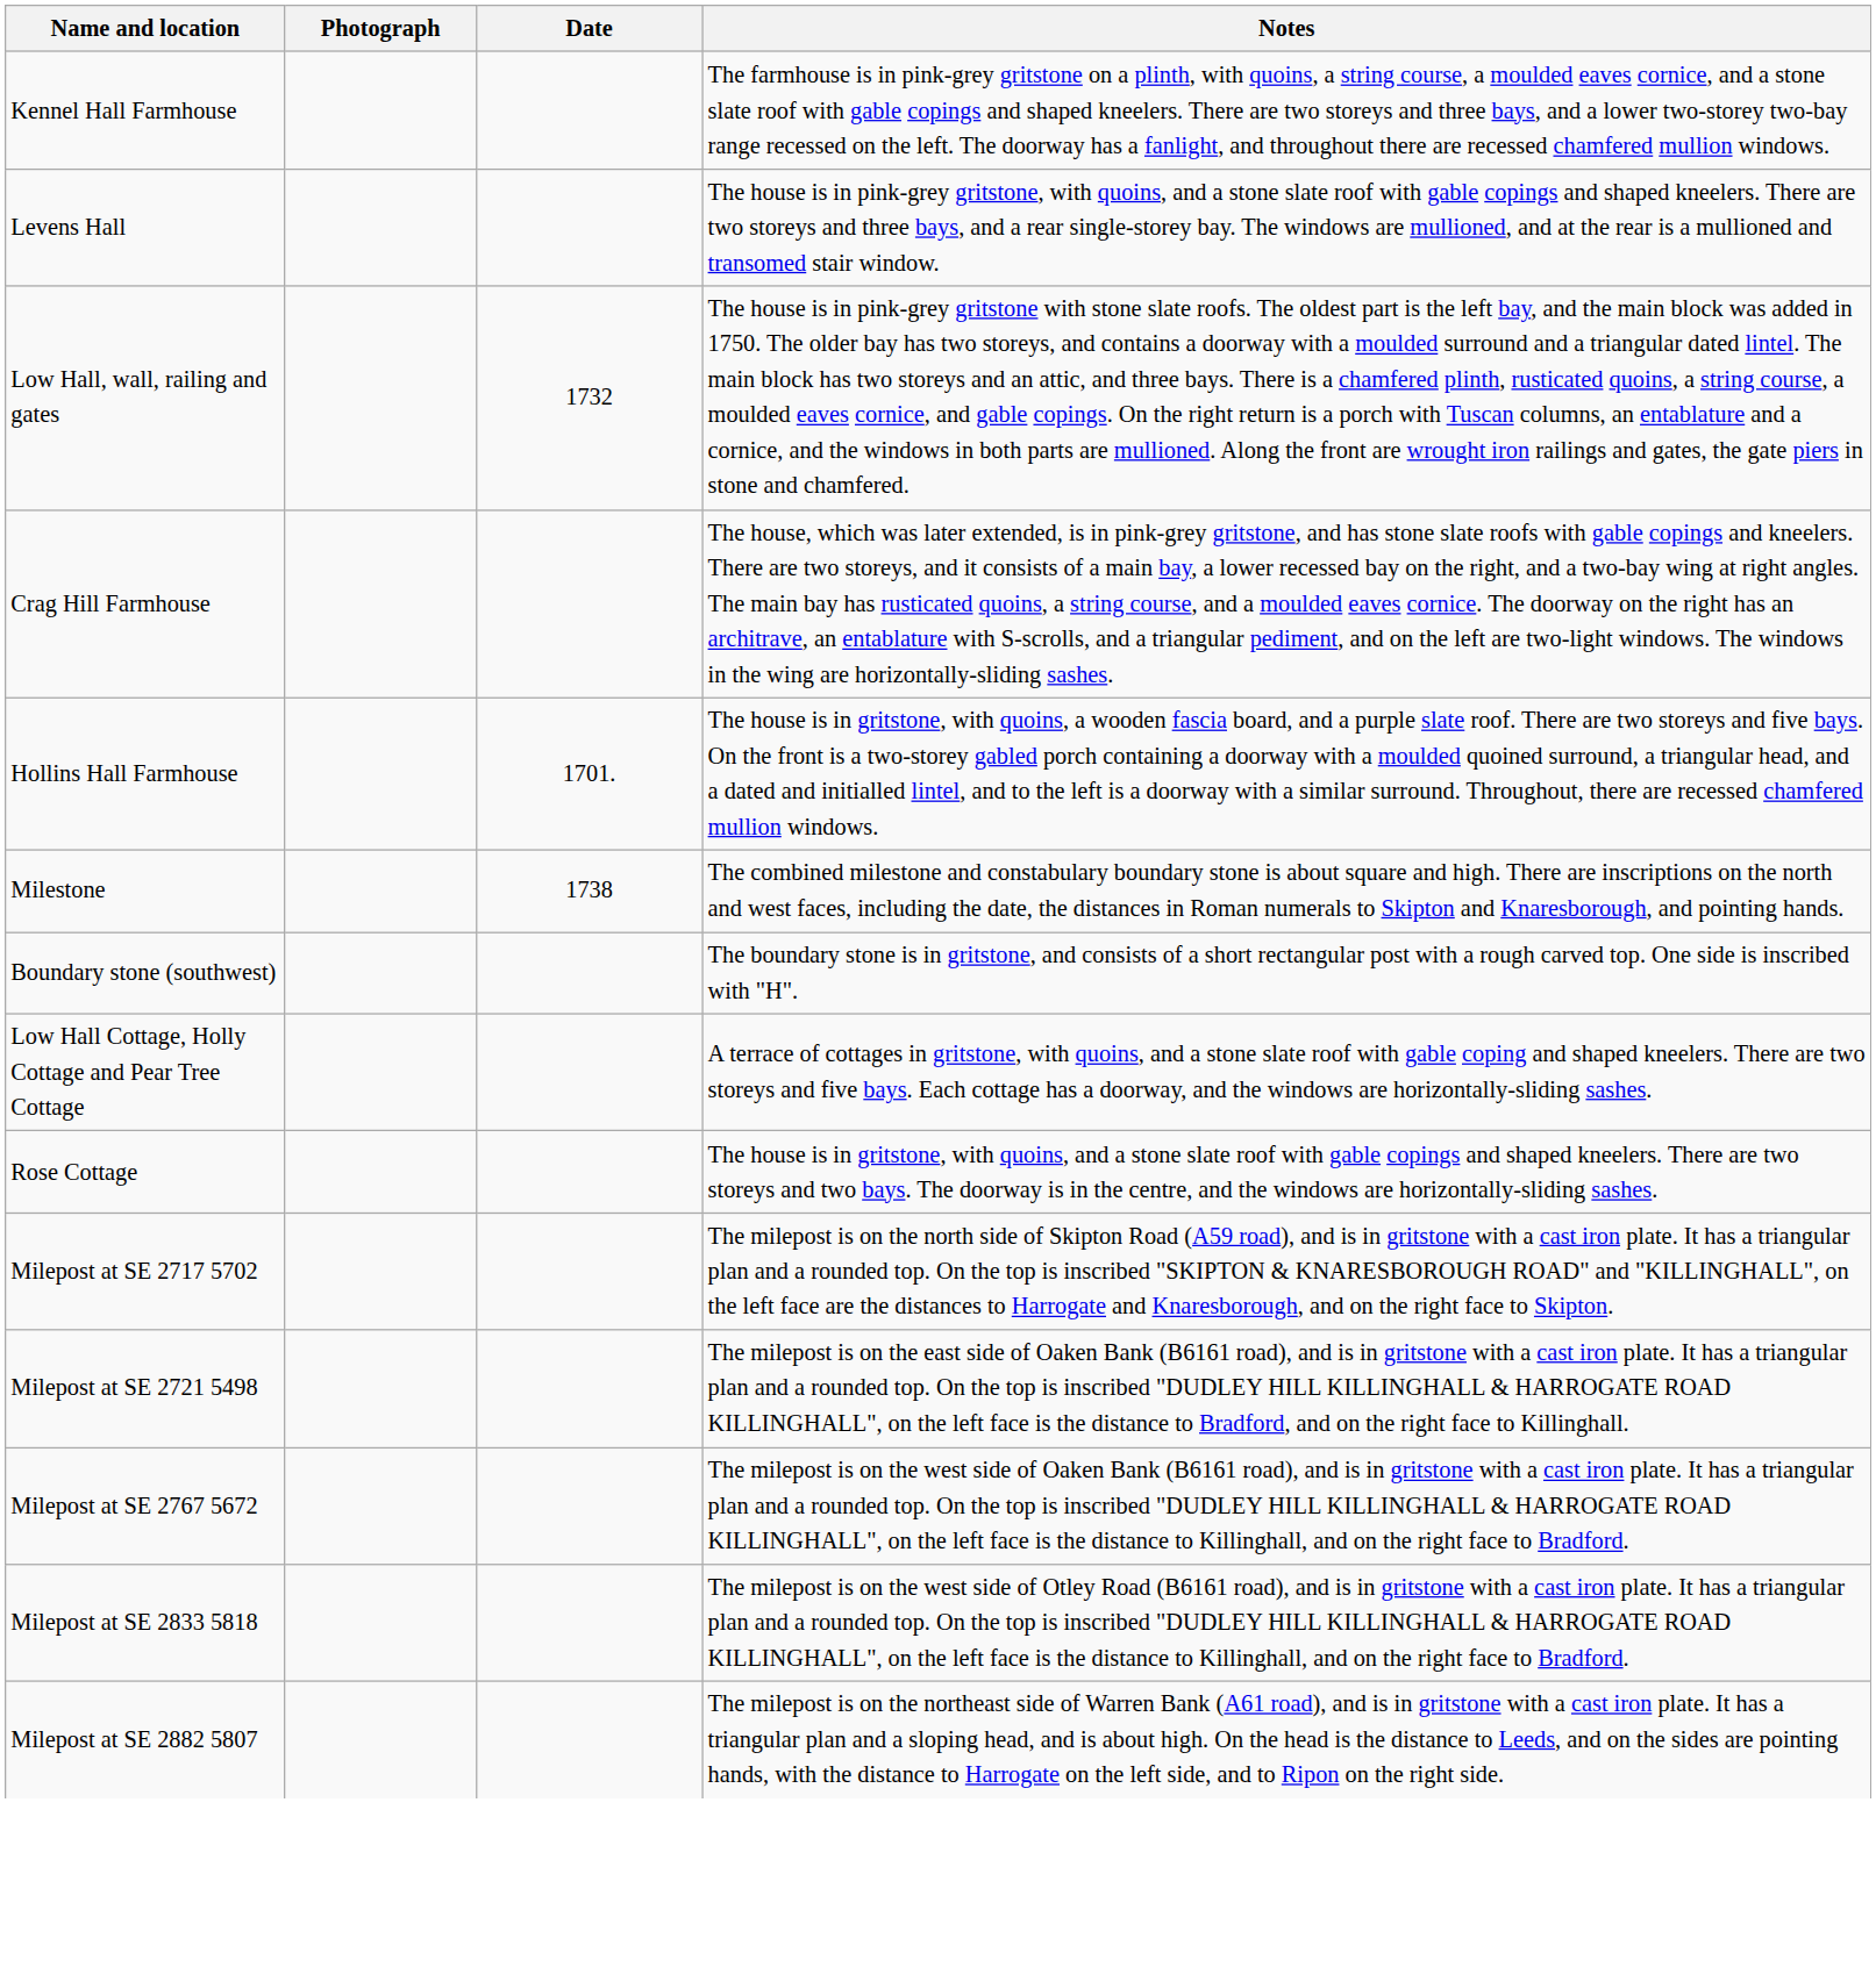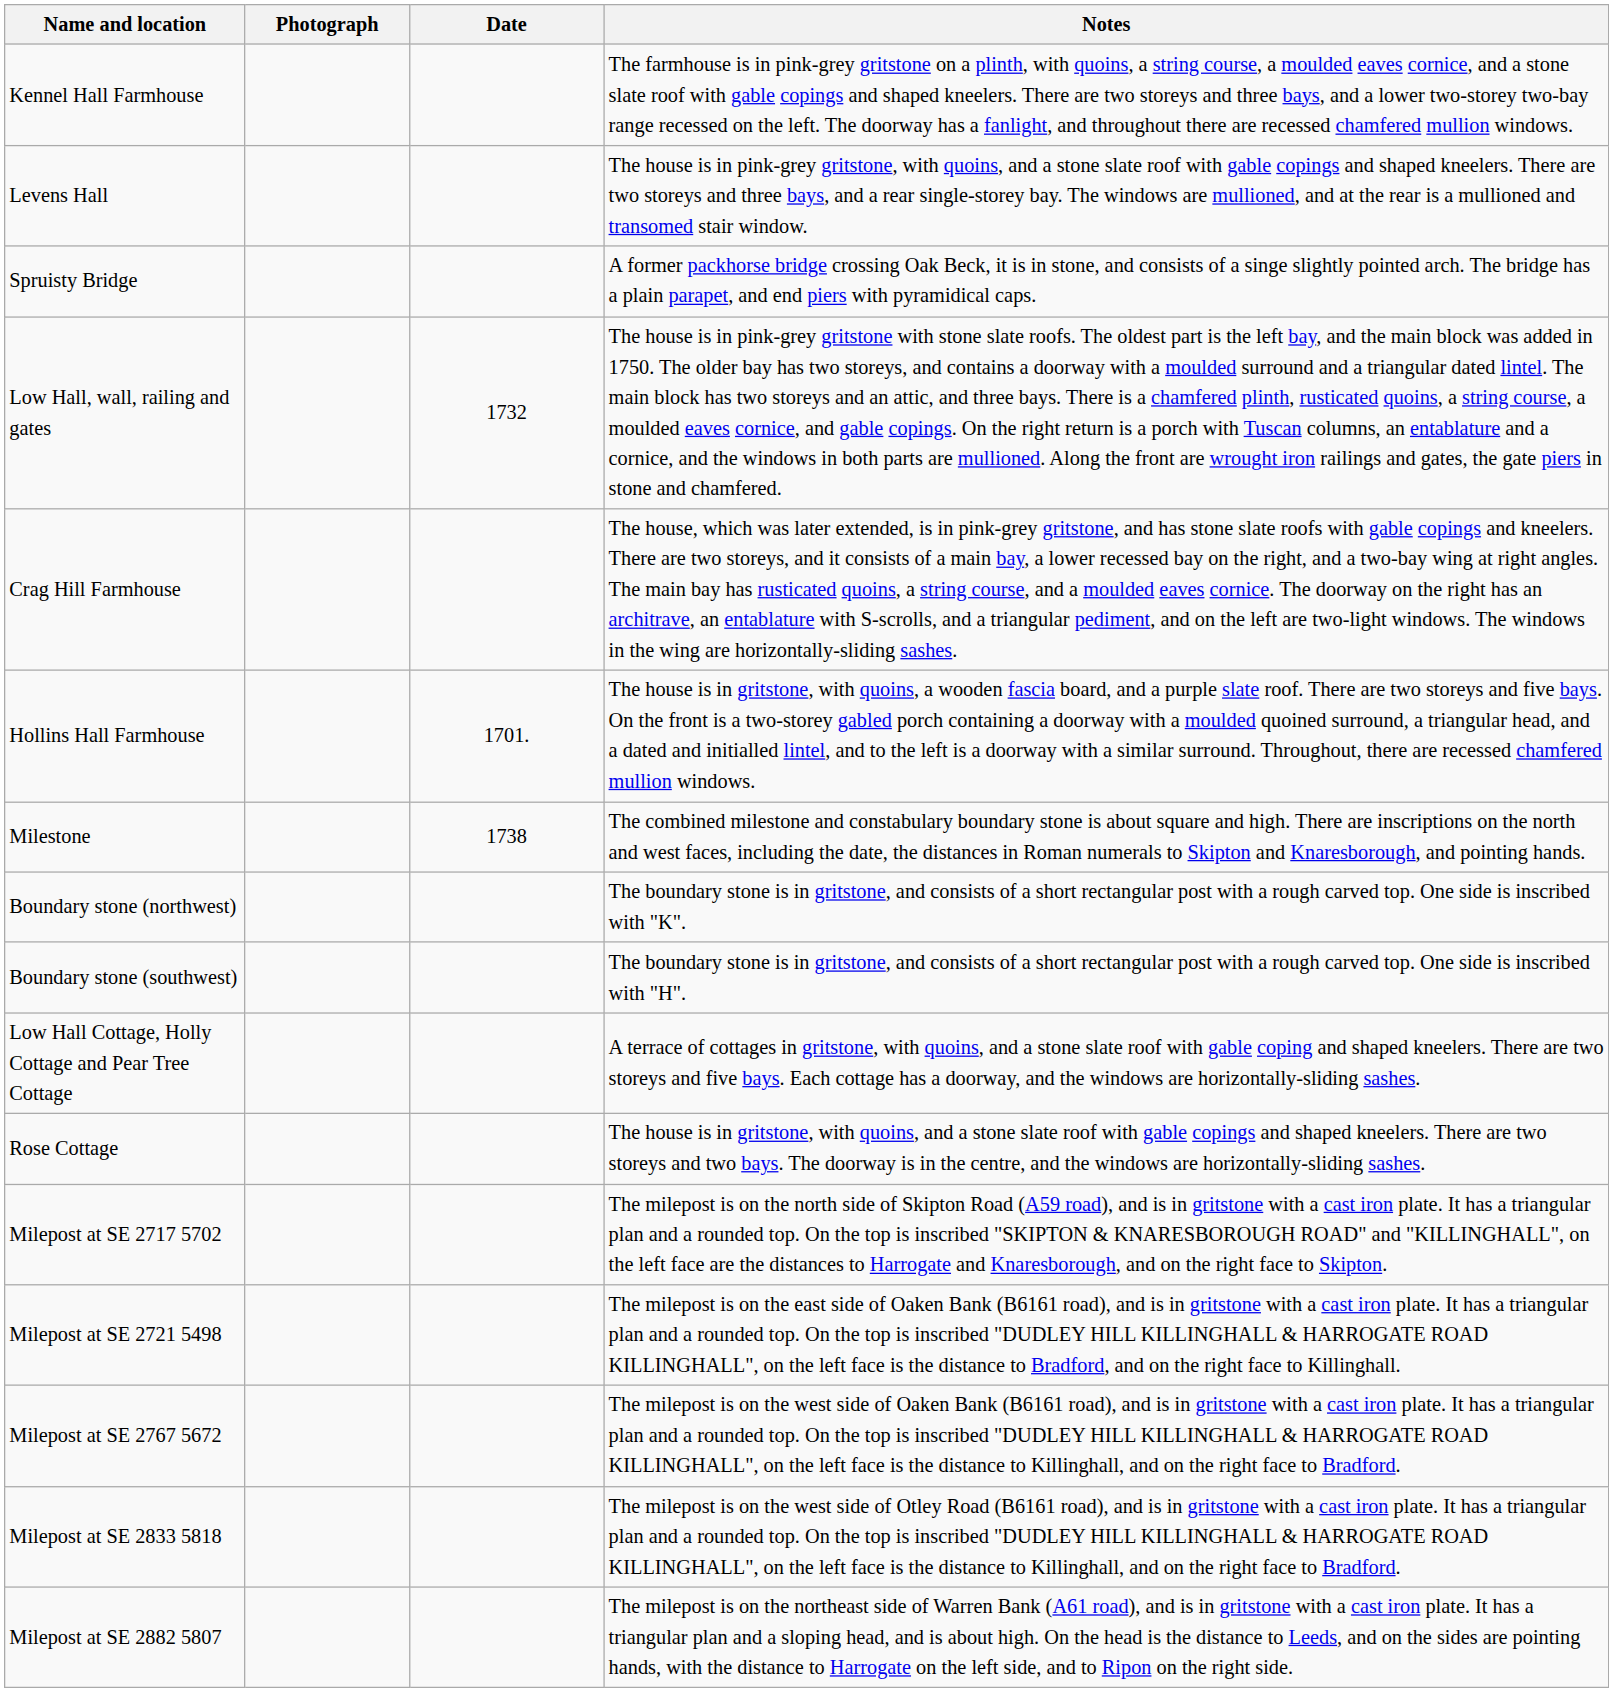 <table class="wikitable sortable plainrowheaders" style="width:100%;border:0px;text-align:left;line-height:150%;">
 <tr>
 <th scope="col"  style="width:150px">Name and location</th>
 <th scope="col"  style="width:100px" class="unsortable">Photograph</th>
 <th scope="col"  style="width:120px">Date</th>
 <th scope="col"  style="width:650px" class="unsortable">Notes</th>
 </tr>
 <tr>
 <td>Kennel Hall Farmhouse<br><small></small></td>
 <td></td>
 <td align="center"></td>
 <td>The farmhouse is in pink-grey <a href='#'>gritstone</a> on a <a href='#'>plinth</a>, with <a href='#'>quoins</a>, a <a href='#'>string course</a>, a <a href='#'>moulded</a> <a href='#'>eaves</a> <a href='#'>cornice</a>, and a stone slate roof with <a href='#'>gable</a> <a href='#'>copings</a> and shaped kneelers. There are two storeys and three <a href='#'>bays</a>, and a lower two-storey two-bay range recessed on the left. The doorway has a <a href='#'>fanlight</a>, and throughout there are recessed <a href='#'>chamfered</a> <a href='#'>mullion</a> windows.</td>
 </tr>
 <tr>
 <td>Levens Hall<br><small></small></td>
 <td></td>
 <td align="center"></td>
 <td>The house is in pink-grey <a href='#'>gritstone</a>, with <a href='#'>quoins</a>, and a stone slate roof with <a href='#'>gable</a> <a href='#'>copings</a> and shaped kneelers. There are two storeys and three <a href='#'>bays</a>, and a rear single-storey bay. The windows are <a href='#'>mullioned</a>, and at the rear is a mullioned and <a href='#'>transomed</a> stair window.</td>
+</tr>
+<tr>
+<td>Spruisty Bridge<br><small></small></td>
+<td></td>
+<td align="center"></td>
+<td>A former <a href='#'>packhorse bridge</a> crossing Oak Beck, it is in stone, and consists of a singe slightly pointed arch. The bridge has a plain <a href='#'>parapet</a>, and end <a href='#'>piers</a> with pyramidical caps.</td>
 </tr>
 <tr>
 <td>Low Hall, wall, railing and gates<br><small></small></td>
 <td></td>
 <td align="center">1732</td>
 <td>The house is in pink-grey <a href='#'>gritstone</a> with stone slate roofs. The oldest part is the left <a href='#'>bay</a>, and the main block was added in 1750. The older bay has two storeys, and contains a doorway with a <a href='#'>moulded</a> surround and a triangular dated <a href='#'>lintel</a>. The main block has two storeys and an attic, and three bays. There is a <a href='#'>chamfered</a> <a href='#'>plinth</a>, <a href='#'>rusticated</a> <a href='#'>quoins</a>, a <a href='#'>string course</a>, a moulded <a href='#'>eaves</a> <a href='#'>cornice</a>, and <a href='#'>gable</a> <a href='#'>copings</a>.  On the right return is a porch with <a href='#'>Tuscan</a> columns, an <a href='#'>entablature</a> and a cornice, and the windows in both parts are <a href='#'>mullioned</a>. Along the front are <a href='#'>wrought iron</a> railings and gates, the gate <a href='#'>piers</a> in stone and chamfered.</td>
 </tr>
 <tr>
 <td>Crag Hill Farmhouse<br><small></small></td>
 <td></td>
 <td align="center"></td>
 <td>The house, which was later extended, is in pink-grey <a href='#'>gritstone</a>, and has stone slate roofs with <a href='#'>gable</a> <a href='#'>copings</a> and kneelers. There are two storeys, and it consists of a main <a href='#'>bay</a>, a lower recessed bay on the right, and a two-bay wing at right angles. The main bay has <a href='#'>rusticated</a> <a href='#'>quoins</a>, a <a href='#'>string course</a>, and a <a href='#'>moulded</a> <a href='#'>eaves</a> <a href='#'>cornice</a>. The doorway on the right has an <a href='#'>architrave</a>, an <a href='#'>entablature</a> with S-scrolls, and a triangular <a href='#'>pediment</a>, and on the left are two-light windows. The windows in the wing are horizontally-sliding <a href='#'>sashes</a>.</td>
 </tr>
 <tr>
 <td>Hollins Hall Farmhouse<br><small></small></td>
 <td></td>
 <td align="center">1701.</td>
 <td>The house is in <a href='#'>gritstone</a>, with <a href='#'>quoins</a>, a wooden <a href='#'>fascia</a> board, and a purple <a href='#'>slate</a> roof. There are two storeys and five <a href='#'>bays</a>.  On the front is a two-storey <a href='#'>gabled</a> porch containing a doorway with a <a href='#'>moulded</a> quoined surround, a triangular head, and a dated and initialled <a href='#'>lintel</a>, and to the left is a doorway with a similar surround. Throughout, there are recessed <a href='#'>chamfered</a> <a href='#'>mullion</a> windows.</td>
 </tr>
 <tr>
 <td>Milestone<br><small></small></td>
 <td></td>
 <td align="center">1738</td>
 <td>The combined milestone and constabulary boundary stone is about  square and  high. There are inscriptions on the north and west faces, including the date, the distances in Roman numerals to <a href='#'>Skipton</a> and <a href='#'>Knaresborough</a>, and pointing hands.</td>
+</tr>
+<tr>
+<td>Boundary stone (northwest)<br><small></small></td>
+<td></td>
+<td align="center"></td>
+<td>The boundary stone is in <a href='#'>gritstone</a>, and consists of a short rectangular post with a rough carved top. One side is inscribed with "K".</td>
 </tr>
 <tr>
 <td>Boundary stone (southwest)<br><small></small></td>
 <td></td>
 <td align="center"></td>
 <td>The boundary stone is in <a href='#'>gritstone</a>, and consists of a short rectangular post with a rough carved top. One side is inscribed with "H".</td>
 </tr>
 <tr>
 <td>Low Hall Cottage, Holly Cottage and Pear Tree Cottage<br><small></small></td>
 <td></td>
 <td align="center"></td>
 <td>A terrace of cottages in <a href='#'>gritstone</a>, with <a href='#'>quoins</a>, and a stone slate roof with <a href='#'>gable</a> <a href='#'>coping</a> and shaped kneelers. There are two storeys and five <a href='#'>bays</a>. Each cottage has a doorway, and the windows are horizontally-sliding <a href='#'>sashes</a>.</td>
 </tr>
 <tr>
 <td>Rose Cottage<br><small></small></td>
 <td></td>
 <td align="center"></td>
 <td>The house is in <a href='#'>gritstone</a>, with <a href='#'>quoins</a>, and a stone slate roof with <a href='#'>gable</a> <a href='#'>copings</a> and shaped kneelers. There are two storeys and two <a href='#'>bays</a>. The doorway is in the centre, and the windows are horizontally-sliding <a href='#'>sashes</a>.</td>
 </tr>
 <tr>
 <td>Milepost at SE 2717 5702<br><small></small></td>
 <td></td>
 <td align="center"></td>
 <td>The milepost is on the north side of Skipton Road (<a href='#'>A59 road</a>), and is in <a href='#'>gritstone</a> with a <a href='#'>cast iron</a> plate. It has a triangular plan and a rounded top. On the top is inscribed "SKIPTON & KNARESBOROUGH ROAD" and "KILLINGHALL", on the left face are the distances to <a href='#'>Harrogate</a> and <a href='#'>Knaresborough</a>, and on the right face to <a href='#'>Skipton</a>.</td>
 </tr>
 <tr>
 <td>Milepost at SE 2721 5498<br><small></small></td>
 <td></td>
 <td align="center"></td>
 <td>The milepost is on the east side of Oaken Bank (B6161 road), and is in <a href='#'>gritstone</a> with a <a href='#'>cast iron</a> plate. It has a triangular plan and a rounded top. On the top is inscribed "DUDLEY HILL KILLINGHALL & HARROGATE ROAD KILLINGHALL", on the left face is the distance to <a href='#'>Bradford</a>, and on the right face to Killinghall.</td>
 </tr>
 <tr>
 <td>Milepost at SE 2767 5672<br><small></small></td>
 <td></td>
 <td align="center"></td>
 <td>The milepost is on the west side of Oaken Bank (B6161 road), and is in <a href='#'>gritstone</a> with a <a href='#'>cast iron</a> plate. It has a triangular plan and a rounded top. On the top is inscribed "DUDLEY HILL KILLINGHALL & HARROGATE ROAD KILLINGHALL", on the left face is the distance to Killinghall, and on the right face to <a href='#'>Bradford</a>.</td>
 </tr>
 <tr>
 <td>Milepost at SE 2833 5818<br><small></small></td>
 <td></td>
 <td align="center"></td>
 <td>The milepost is on the west side of Otley Road (B6161 road), and is in <a href='#'>gritstone</a> with a <a href='#'>cast iron</a> plate. It has a triangular plan and a rounded top. On the top is inscribed "DUDLEY HILL KILLINGHALL & HARROGATE ROAD KILLINGHALL", on the left face is the distance to Killinghall, and on the right face to <a href='#'>Bradford</a>.</td>
 </tr>
 <tr>
 <td>Milepost at SE 2882 5807<br><small></small></td>
 <td></td>
 <td align="center"></td>
 <td>The milepost is on the northeast side of Warren Bank (<a href='#'>A61 road</a>), and is in <a href='#'>gritstone</a> with a <a href='#'>cast iron</a> plate. It has a triangular plan and a sloping head, and is about  high. On the head is the distance to <a href='#'>Leeds</a>, and on the sides are pointing hands, with the distance to <a href='#'>Harrogate</a> on the left side, and to <a href='#'>Ripon</a> on the right side.</td>
 </tr>
 <tr>
 </tr>
 </table>
